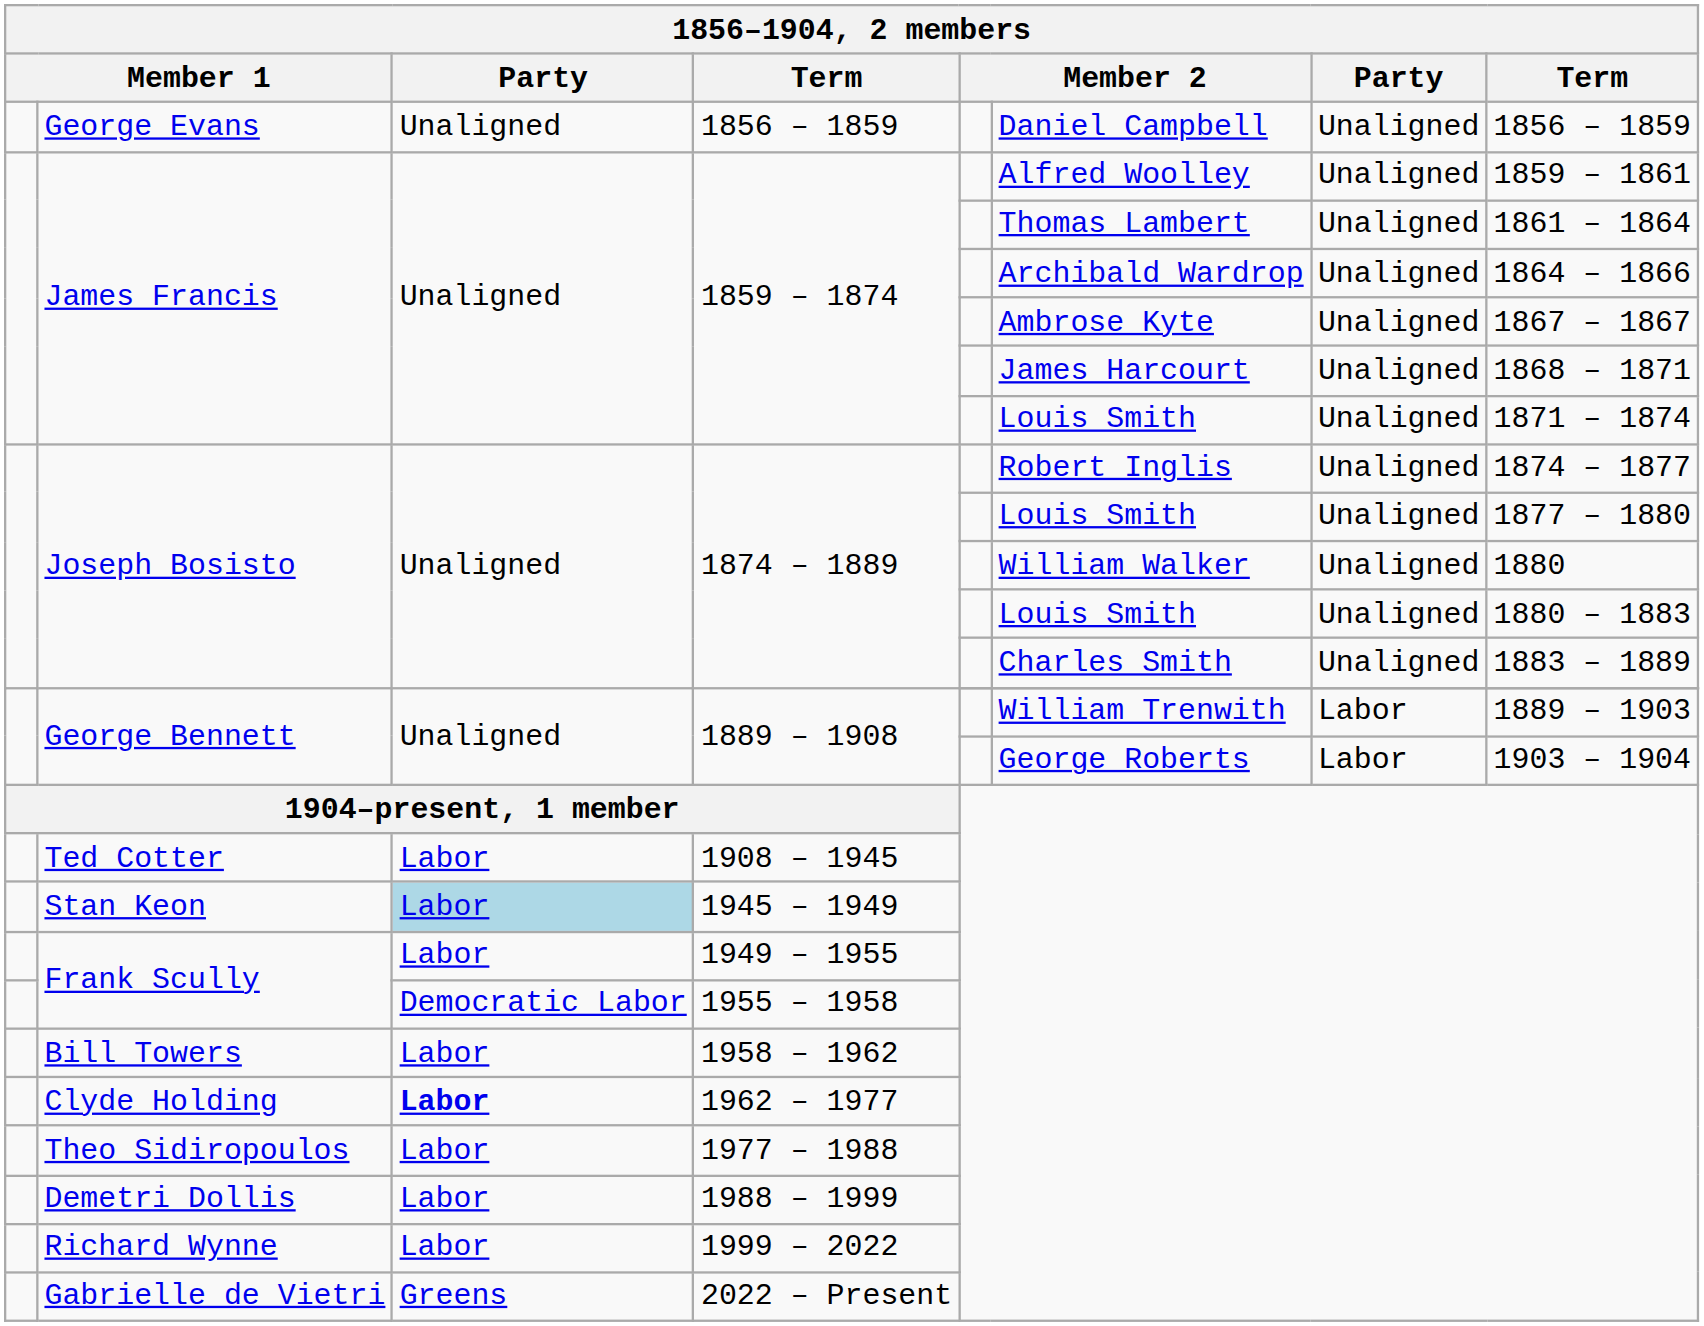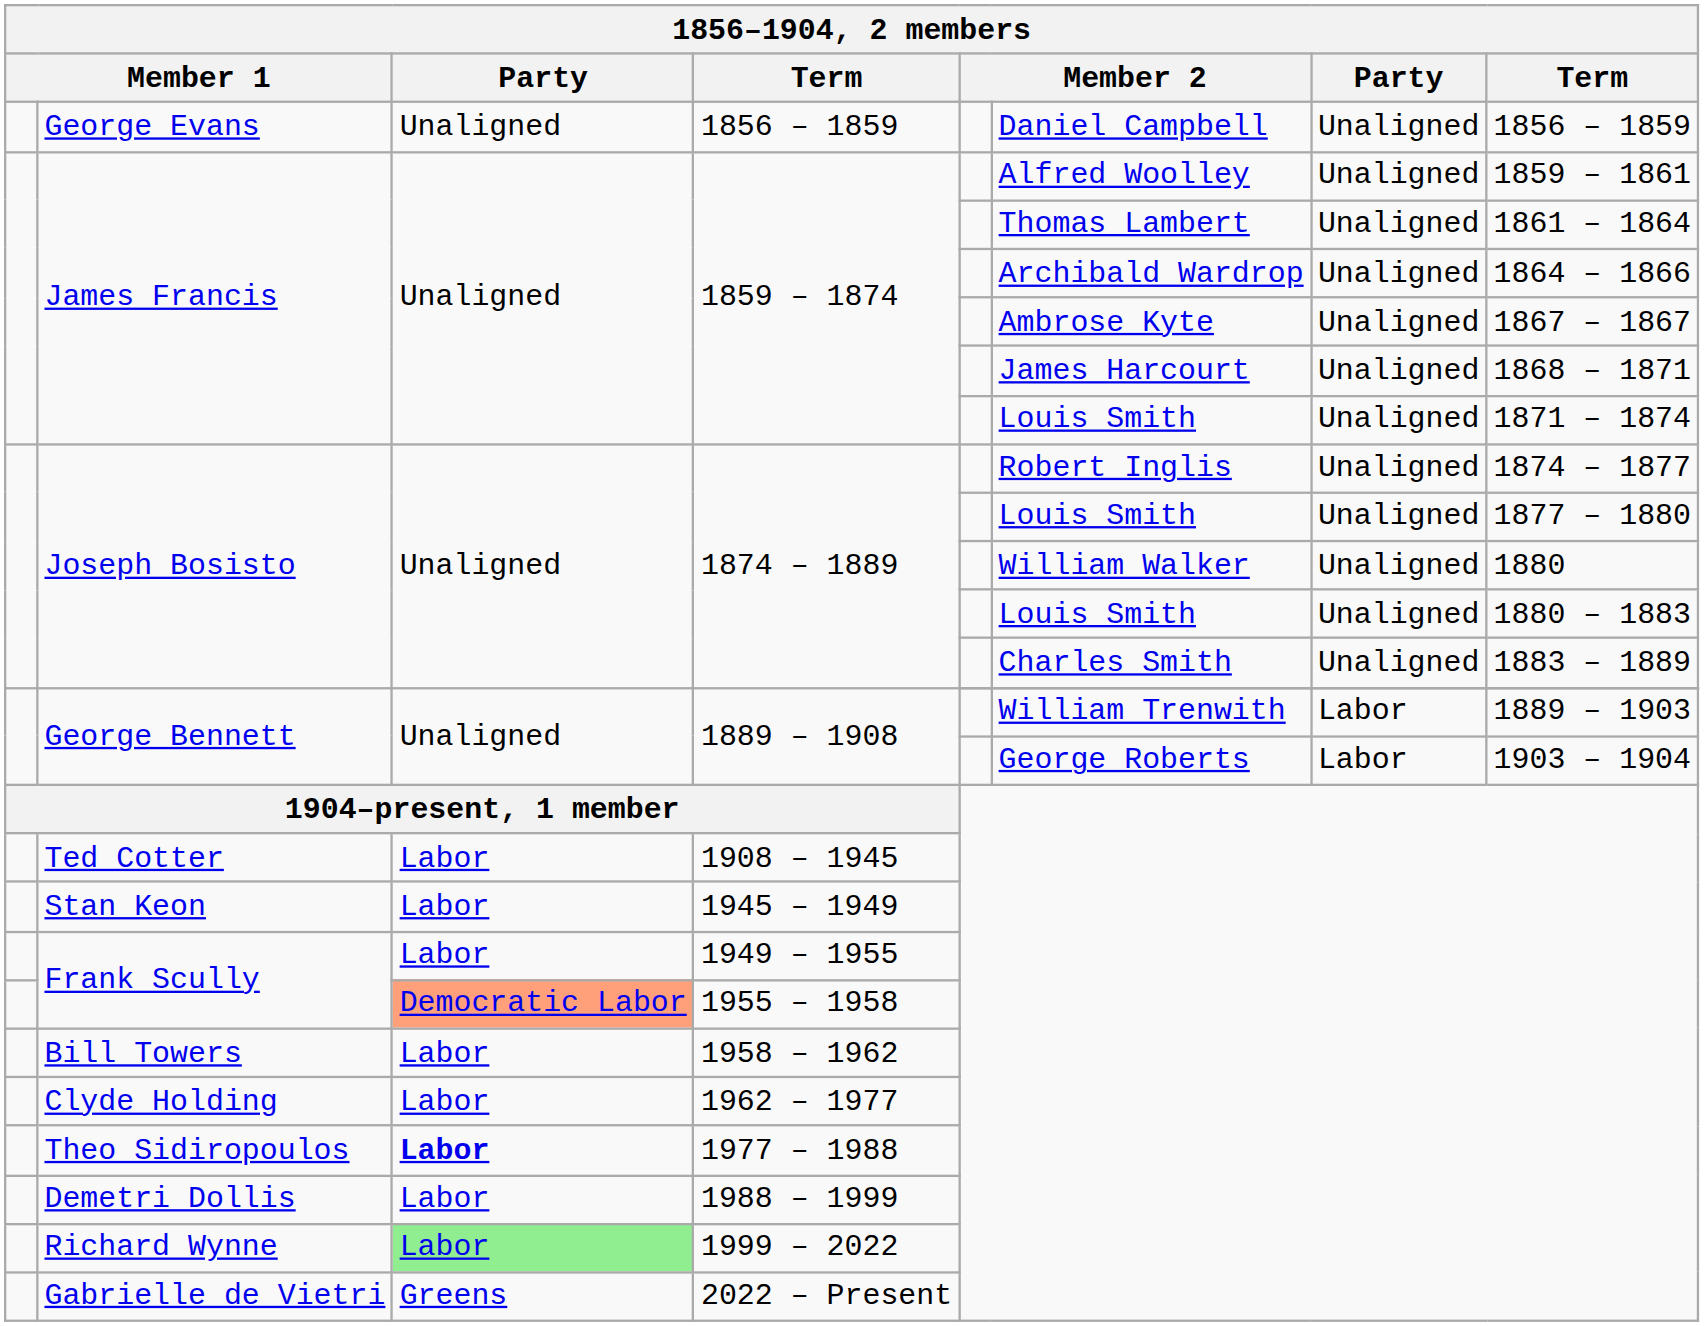 <table class="wikitable">
 <tr>
 <th colspan="8">1856–1904, 2 members</th>
 </tr>
 <tr>
 <th colspan="2">Member 1</th>
 <th>Party</th>
 <th>Term</th>
 <th colspan="2">Member 2</th>
 <th>Party</th>
 <th>Term</th>
 </tr>
 <tr>
 <td> </td>
 <td><a href='#'>George Evans</a></td>
 <td>Unaligned</td>
 <td>1856 – 1859</td>
 <td> </td>
 <td><a href='#'>Daniel Campbell</a></td>
 <td>Unaligned</td>
 <td>1856 – 1859</td>
 </tr>
 <tr>
 <td rowspan = "6" > </td>
 <td rowspan = "6"><a href='#'>James Francis</a></td>
 <td rowspan = "6">Unaligned</td>
 <td rowspan = "6">1859 – 1874</td>
 <td> </td>
 <td><a href='#'>Alfred Woolley</a></td>
 <td>Unaligned</td>
 <td>1859 – 1861</td>
 </tr>
 <tr>
 <td> </td>
 <td><a href='#'>Thomas Lambert</a></td>
 <td>Unaligned</td>
 <td>1861 – 1864</td>
 </tr>
 <tr>
 <td> </td>
 <td><a href='#'>Archibald Wardrop</a></td>
 <td>Unaligned</td>
 <td>1864 – 1866</td>
 </tr>
 <tr>
 <td> </td>
 <td><a href='#'>Ambrose Kyte</a></td>
 <td>Unaligned</td>
 <td>1867 – 1867</td>
 </tr>
 <tr>
 <td> </td>
 <td><a href='#'>James Harcourt</a></td>
 <td>Unaligned</td>
 <td>1868 – 1871</td>
 </tr>
 <tr>
 <td> </td>
 <td><a href='#'>Louis Smith</a></td>
 <td>Unaligned</td>
 <td>1871 – 1874</td>
 </tr>
 <tr>
 <td rowspan = "5" > </td>
 <td rowspan = "5"><a href='#'>Joseph Bosisto</a></td>
 <td rowspan = "5">Unaligned</td>
 <td rowspan = "5">1874 – 1889</td>
 <td> </td>
 <td><a href='#'>Robert Inglis</a></td>
 <td>Unaligned</td>
 <td>1874 – 1877</td>
 </tr>
 <tr>
 <td> </td>
 <td><a href='#'>Louis Smith</a></td>
 <td>Unaligned</td>
 <td>1877 – 1880</td>
 </tr>
 <tr>
 <td> </td>
 <td><a href='#'>William Walker</a></td>
 <td>Unaligned</td>
 <td>1880</td>
 </tr>
 <tr>
 <td> </td>
 <td><a href='#'>Louis Smith</a></td>
 <td>Unaligned</td>
 <td>1880 – 1883</td>
 </tr>
 <tr>
 <td> </td>
 <td><a href='#'>Charles Smith</a></td>
 <td>Unaligned</td>
 <td>1883 – 1889</td>
 </tr>
 <tr>
 <td rowspan = "3" > </td>
 <td rowspan = "3"><a href='#'>George Bennett</a></td>
 <td rowspan = "3">Unaligned</td>
 <td rowspan = "3">1889 – 1908</td>
 </tr>
 <tr>
 <td> </td>
 <td><a href='#'>William Trenwith</a></td>
 <td>Labor</td>
 <td>1889 – 1903</td>
 </tr>
 <tr>
 <td> </td>
 <td><a href='#'>George Roberts</a></td>
 <td>Labor</td>
 <td>1903 – 1904</td>
 </tr>
 <tr>
 <th colspan="4">1904–present, 1 member</th>
 </tr>
 <tr>
 <td> </td>
 <td><a href='#'>Ted Cotter</a></td>
 <td><a href='#'>Labor</a></td>
 <td>1908 – 1945</td>
 </tr>
 <tr>
 <td> </td>
 <td><a href='#'>Stan Keon</a></td>
-<td style="background: lightblue;"><a href='#'>Labor</a></td>
+<td><a href='#'>Labor</a></td>
 <td>1945 – 1949</td>
 </tr>
 <tr>
 <td> </td>
 <td rowspan=2><a href='#'>Frank Scully</a></td>
 <td><a href='#'>Labor</a></td>
 <td>1949 – 1955</td>
 </tr>
 <tr>
 <td> </td>
-<td><a href='#'>Democratic Labor</a></td>
+<td style="background: lightsalmon;"><a href='#'>Democratic Labor</a></td>
 <td>1955 – 1958</td>
 </tr>
 <tr>
 <td> </td>
 <td><a href='#'>Bill Towers</a></td>
 <td><a href='#'>Labor</a></td>
 <td>1958 – 1962</td>
 </tr>
 <tr>
 <td> </td>
 <td><a href='#'>Clyde Holding</a></td>
-<td><strong><a href='#'>Labor</a></strong></td>
+<td><a href='#'>Labor</a></td>
 <td>1962 – 1977</td>
 </tr>
 <tr>
 <td> </td>
 <td><a href='#'>Theo Sidiropoulos</a></td>
-<td><a href='#'>Labor</a></td>
+<td><strong><a href='#'>Labor</a></strong></td>
 <td>1977 – 1988</td>
 </tr>
 <tr>
 <td> </td>
 <td><a href='#'>Demetri Dollis</a></td>
 <td><a href='#'>Labor</a></td>
 <td>1988 – 1999</td>
 </tr>
 <tr>
 <td> </td>
 <td><a href='#'>Richard Wynne</a></td>
-<td><a href='#'>Labor</a></td>
+<td style="background: lightgreen;"><a href='#'>Labor</a></td>
 <td>1999 – 2022</td>
 </tr>
 <tr>
 <td> </td>
 <td><a href='#'>Gabrielle de Vietri</a></td>
 <td><a href='#'>Greens</a></td>
 <td>2022 – Present</td>
 </tr>
 </table>
